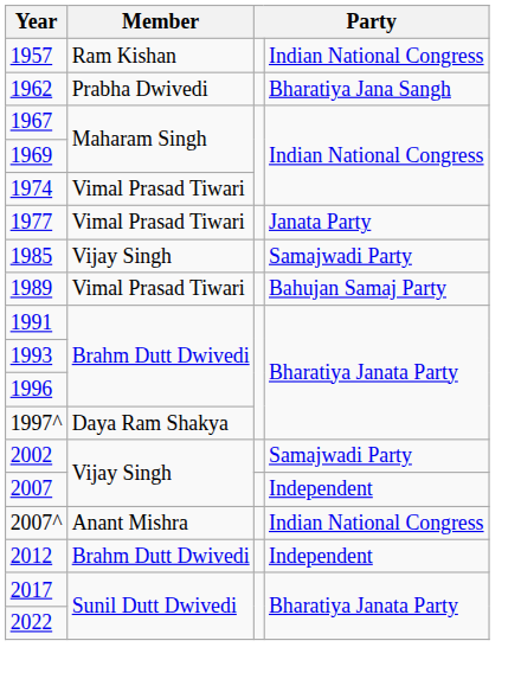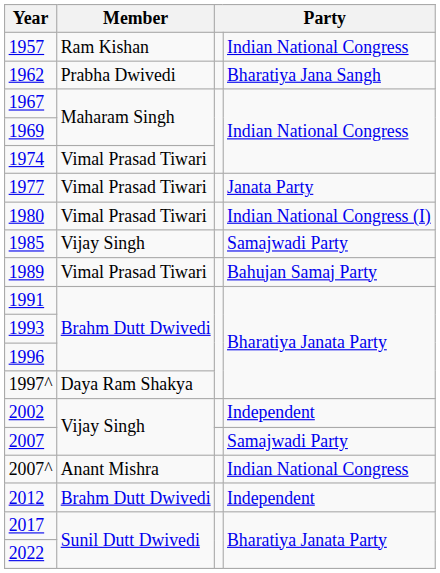 <table class="wikitable">
 <tr>
 <th>Year</th>
 <th>Member</th>
 <th colspan="2">Party</th>
 </tr>
 <tr>
 <td><a href='#'>1957</a></td>
 <td>Ram Kishan</td>
 <td style="background-color: "></td>
 <td><a href='#'>Indian National Congress</a></td>
 </tr>
 <tr>
 <td><a href='#'>1962</a></td>
 <td>Prabha Dwivedi</td>
 <td style="background-color: "></td>
 <td><a href='#'>Bharatiya Jana Sangh</a></td>
 </tr>
 <tr>
 <td><a href='#'>1967</a></td>
 <td rowspan="2">Maharam Singh</td>
 <td rowspan="3" style="background-color: "></td>
 <td rowspan="3"><a href='#'>Indian National Congress</a></td>
 </tr>
 <tr>
 <td><a href='#'>1969</a></td>
 </tr>
 <tr>
 <td><a href='#'>1974</a></td>
 <td>Vimal Prasad Tiwari</td>
 </tr>
 <tr>
 <td><a href='#'>1977</a></td>
 <td>Vimal Prasad Tiwari</td>
 <td style="background-color: "></td>
 <td><a href='#'>Janata Party</a></td>
 </tr>
 <tr>
+<td><a href='#'>1980</a></td>
+<td>Vimal Prasad Tiwari</td>
+<td style="background-color: "></td>
+<td><a href='#'>Indian National Congress (I)</a></td>
+</tr>
+<tr>
 <td><a href='#'>1985</a></td>
 <td>Vijay Singh</td>
 <td style="background-color: "></td>
 <td><a href='#'>Samajwadi Party</a></td>
 </tr>
 <tr>
 <td><a href='#'>1989</a></td>
 <td>Vimal Prasad Tiwari</td>
 <td style="background-color: "></td>
 <td><a href='#'>Bahujan Samaj Party</a></td>
 </tr>
 <tr>
 <td><a href='#'>1991</a></td>
 <td rowspan="3"><a href='#'>Brahm Dutt Dwivedi</a></td>
 <td rowspan="4" style="background-color: "></td>
 <td rowspan="4"><a href='#'>Bharatiya Janata Party</a></td>
 </tr>
 <tr>
 <td><a href='#'>1993</a></td>
 </tr>
 <tr>
 <td><a href='#'>1996</a></td>
 </tr>
 <tr>
 <td>1997^</td>
 <td>Daya Ram Shakya</td>
 </tr>
 <tr>
 <td><a href='#'>2002</a></td>
 <td rowspan="2">Vijay Singh</td>
 <td style="background-color: "></td>
-<td><a href='#'>Samajwadi Party</a></td>
+<td><a href='#'>Independent</a></td>
 </tr>
 <tr>
 <td><a href='#'>2007</a></td>
 <td style="background-color: "></td>
-<td><a href='#'>Independent</a></td>
+<td><a href='#'>Samajwadi Party</a></td>
 </tr>
 <tr>
 <td>2007^</td>
 <td>Anant Mishra</td>
 <td style="background-color: "></td>
 <td><a href='#'>Indian National Congress</a></td>
 </tr>
 <tr>
 <td><a href='#'>2012</a></td>
 <td><a href='#'>Brahm Dutt Dwivedi</a></td>
 <td style="background-color: "></td>
 <td><a href='#'>Independent</a></td>
 </tr>
 <tr>
 <td><a href='#'>2017</a></td>
 <td rowspan="2"><a href='#'>Sunil Dutt Dwivedi</a></td>
 <td rowspan="2" style="background-color: "></td>
 <td rowspan="2"><a href='#'>Bharatiya Janata Party</a></td>
 </tr>
 <tr>
 <td><a href='#'>2022</a></td>
 </tr>
 </table>
